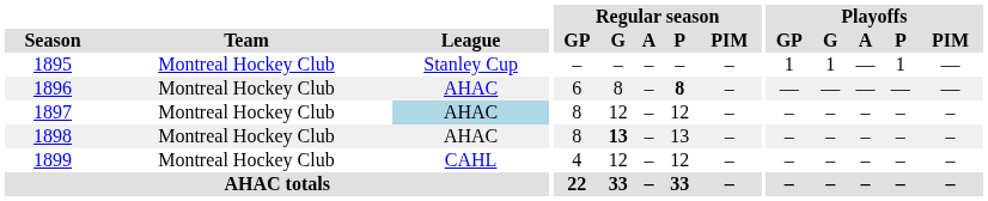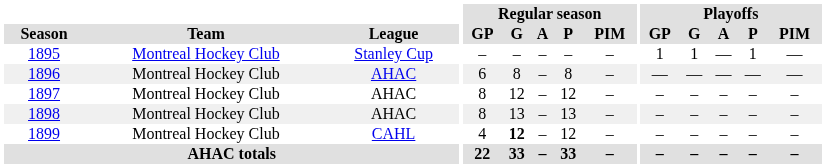 <table style="text-align:center; width:65%; padding: 2px; border-spacing: 0;">
 <tr style="background: #e0e0e0;">
 <th colspan="3"  style="background: #fff;"></th>
 <th rowspan="99" style="background: #fff;"></th>
 <th colspan="5">Regular season</th>
 <th rowspan="99" style="background: #fff;"></th>
 <th colspan="5">Playoffs</th>
 </tr>
 <tr style="background: #e0e0e0;">
 <th>Season</th>
 <th>Team</th>
 <th>League</th>
 <th>GP</th>
 <th>G</th>
 <th>A</th>
 <th>P</th>
 <th>PIM</th>
 <th>GP</th>
 <th>G</th>
 <th>A</th>
 <th>P</th>
 <th>PIM</th>
 </tr>
 <tr>
 <td><a href='#'>1895</a></td>
 <td><a href='#'>Montreal Hockey Club</a></td>
 <td><a href='#'>Stanley Cup</a></td>
 <td>–</td>
 <td>–</td>
 <td>–</td>
 <td>–</td>
 <td>–</td>
 <td>1</td>
 <td>1</td>
 <td>—</td>
 <td>1</td>
 <td>—</td>
 </tr>
 <tr style="background:#f0f0f0;">
 <td><a href='#'>1896</a></td>
 <td>Montreal Hockey Club</td>
 <td><a href='#'>AHAC</a></td>
 <td>6</td>
 <td>8</td>
 <td>–</td>
-<td><strong>8</strong></td>
+<td>8</td>
 <td>–</td>
 <td>—</td>
 <td>—</td>
 <td>—</td>
 <td>—</td>
 <td>—</td>
 </tr>
 <tr>
 <td><a href='#'>1897</a></td>
 <td>Montreal Hockey Club</td>
-<td style="background: lightblue;">AHAC</td>
+<td>AHAC</td>
 <td>8</td>
 <td>12</td>
 <td>–</td>
 <td>12</td>
 <td>–</td>
 <td>–</td>
 <td>–</td>
 <td>–</td>
 <td>–</td>
 <td>–</td>
 </tr>
 <tr style="background:#f0f0f0;">
 <td><a href='#'>1898</a></td>
 <td>Montreal Hockey Club</td>
 <td>AHAC</td>
 <td>8</td>
-<td><strong>13</strong></td>
+<td>13</td>
 <td>–</td>
 <td>13</td>
 <td>–</td>
 <td>–</td>
 <td>–</td>
 <td>–</td>
 <td>–</td>
 <td>–</td>
 </tr>
 <tr>
 <td><a href='#'>1899</a></td>
 <td>Montreal Hockey Club</td>
 <td><a href='#'>CAHL</a></td>
 <td>4</td>
-<td>12</td>
+<td><strong>12</strong></td>
 <td>–</td>
 <td>12</td>
 <td>–</td>
 <td>–</td>
 <td>–</td>
 <td>–</td>
 <td>–</td>
 <td>–</td>
 </tr>
 <tr style="background:#e0e0e0;">
 <th colspan="3">AHAC totals</th>
 <th>22</th>
 <th>33</th>
 <th>–</th>
 <th>33</th>
 <th>–</th>
 <th>–</th>
 <th>–</th>
 <th>–</th>
 <th>–</th>
 <th>–</th>
 </tr>
 </table>
